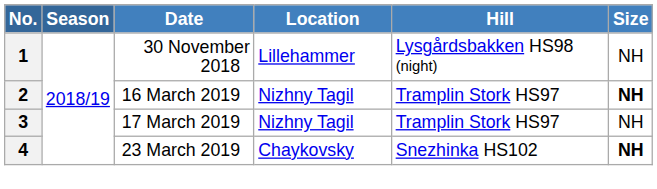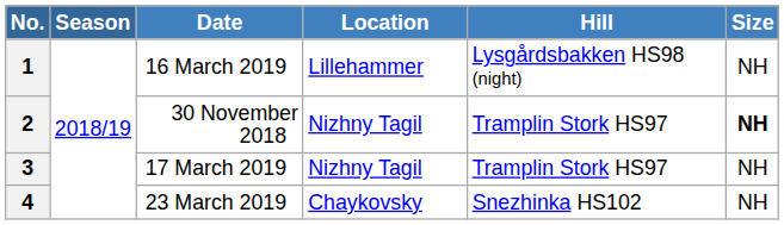 <table class="wikitable sortable" style="font-size:86%; line-height:15px; text-align:left; border:grey solid 1px; border-collapse:collapse; background:#ffffff;">
 <tr style="background:#efefef;">
 <th style="background-color:#369; color:white; width:10px;">No.</th>
 <th style="background-color:#369; color:white;  width:30px;">Season</th>
 <th style="background-color:#4180be; color:white; width:102px;">Date</th>
 <th style="background-color:#4180be; color:white; width:100px;">Location</th>
 <th style="background-color:#4180be; color:white; width:162px;">Hill</th>
 <th style="background-color:#4180be; color:white; width:25px;">Size</th>
 </tr>
 <tr>
 <th scope=row style="text-align:center;">1</th>
 <td rowspan=4 align=center><a href='#'>2018/19</a></td>
-<td align=right>30 November 2018  </td>
+<td align=right>16 March 2019  </td>
 <td> <a href='#'>Lillehammer</a></td>
 <td><a href='#'>Lysgårdsbakken</a> HS98 <small>(night)</small></td>
 <td align=center>NH</td>
 </tr>
 <tr>
 <th scope=row style="text-align:center;">2</th>
-<td align=right>16 March 2019  </td>
+<td align=right>30 November 2018  </td>
 <td> <a href='#'>Nizhny Tagil</a></td>
 <td><a href='#'>Tramplin Stork</a> HS97</td>
 <td align=center><strong>NH</strong></td>
 </tr>
 <tr>
 <th scope=row style="text-align:center;">3</th>
 <td align=right>17 March 2019  </td>
 <td> <a href='#'>Nizhny Tagil</a></td>
 <td><a href='#'>Tramplin Stork</a> HS97</td>
 <td align=center>NH</td>
 </tr>
 <tr>
 <th scope=row style="text-align:center;">4</th>
 <td align=right>23 March 2019  </td>
 <td> <a href='#'>Chaykovsky</a></td>
 <td><a href='#'>Snezhinka</a> HS102</td>
-<td align=center><strong>NH</strong></td>
+<td align=center>NH</td>
 </tr>
 </table>
